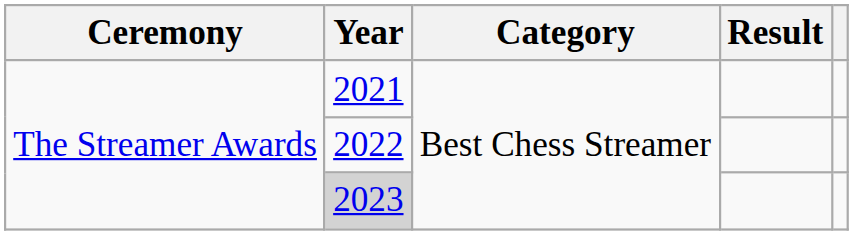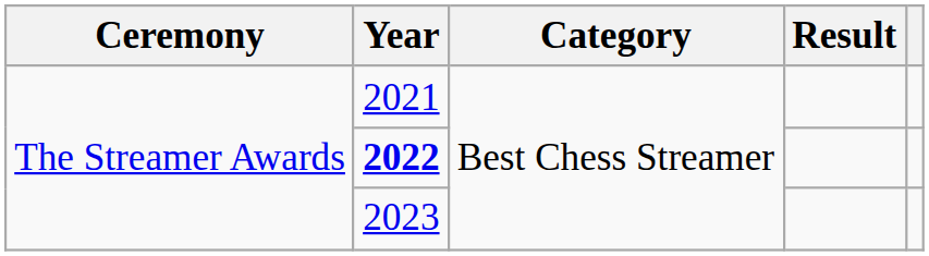 <table class="wikitable" style="text-align:center;">
 <tr>
 <th>Ceremony</th>
 <th>Year</th>
 <th>Category</th>
 <th>Result</th>
 <th></th>
 </tr>
 <tr>
 <td rowspan="3"><a href='#'>The Streamer Awards</a></td>
 <td><a href='#'>2021</a></td>
 <td rowspan="3">Best Chess Streamer</td>
 <td></td>
 <td></td>
 </tr>
 <tr>
-<td><a href='#'>2022</a></td>
+<td><strong><a href='#'>2022</a></strong></td>
 <td></td>
 <td></td>
 </tr>
 <tr>
-<td style="background: lightgrey;"><a href='#'>2023</a></td>
+<td><a href='#'>2023</a></td>
 <td></td>
 <td></td>
 </tr>
 </table>
